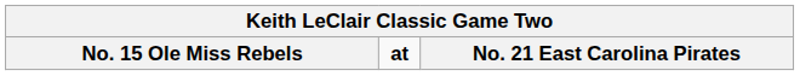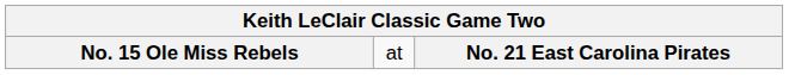 <table class="wikitable">
 <tr>
 <th style="width: 604px;" colspan=3>Keith LeClair Classic Game Two</th>
 </tr>
 <tr>
 <th style="width: 289px; ">No. 15 Ole Miss Rebels</th>
-<td style="width: 25px; text-align:center"><strong>at</strong></td>
+<td style="width: 25px; text-align:center">at</td>
 <th style="width: 289px; ">No. 21 East Carolina Pirates</th>
 </tr>
 </table>
